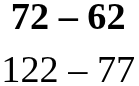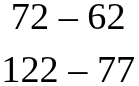 <table style="text-align:center;">
 <tr>
 <th width=200></th>
 <th width=100></th>
 <th width=200></th>
 <th></th>
 </tr>
 <tr>
 <td align=right><strong></strong></td>
-<td><strong>72 – 62</strong></td>
+<td>72 – 62</td>
 <td align=left></td>
 </tr>
 <tr>
 <td align=right><strong></strong></td>
 <td>122 – 77</td>
 <td align=left></td>
 </tr>
 </table>
